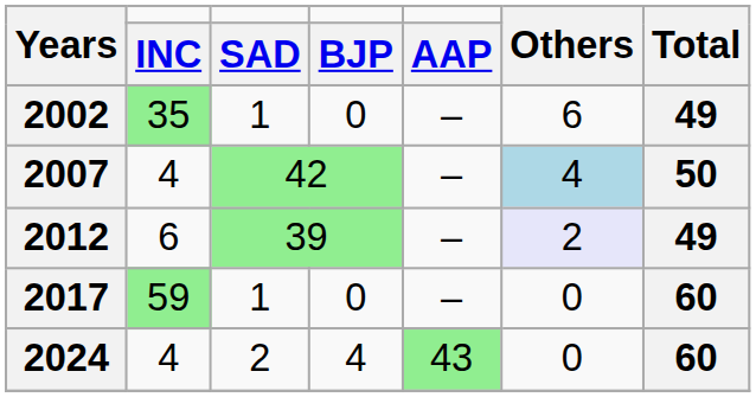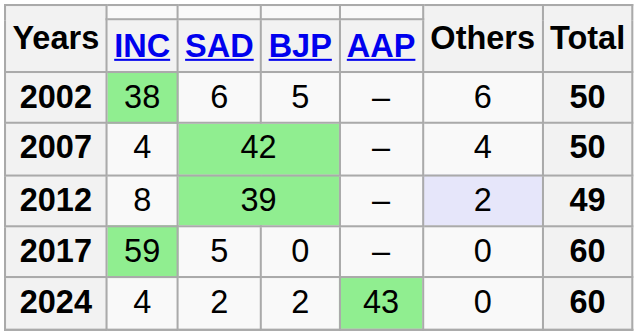 <table class="wikitable" style="text-align:center">
 <tr>
 <th rowspan=2>Years</th>
 <td></td>
 <td></td>
 <td></td>
 <td></td>
 <th rowspan=2>Others</th>
 <th rowspan=2>Total</th>
 </tr>
 <tr>
 <th><a href='#'>INC</a></th>
 <th><a href='#'>SAD</a></th>
 <th><a href='#'>BJP</a></th>
 <th><a href='#'>AAP</a></th>
 </tr>
 <tr>
 <th>2002</th>
-<td bgcolor="lightgreen">35</td>
-<td>1</td>
-<td>0</td>
+<td bgcolor="lightgreen">38</td>
+<td>6</td>
+<td>5</td>
 <td>–</td>
 <td>6</td>
-<th>49</th>
+<th>50</th>
 </tr>
 <tr>
 <th>2007</th>
 <td>4</td>
 <td bgcolor="lightgreen" colspan="2">42</td>
 <td>–</td>
-<td style="background: lightblue;">4</td>
+<td>4</td>
 <th>50</th>
 </tr>
 <tr>
 <th>2012</th>
-<td>6</td>
+<td>8</td>
 <td bgcolor="lightgreen" colspan="2">39</td>
 <td>–</td>
 <td style="background: lavender;">2</td>
 <th>49</th>
 </tr>
 <tr>
 <th>2017</th>
 <td bgcolor="lightgreen">59</td>
-<td>1</td>
+<td>5</td>
 <td>0</td>
 <td>–</td>
 <td>0</td>
 <th>60</th>
 </tr>
 <tr>
 <th>2024</th>
 <td>4</td>
 <td>2</td>
-<td>4</td>
+<td>2</td>
 <td bgcolor="lightgreen">43</td>
 <td>0</td>
 <th>60</th>
 </tr>
 <tr>
 </tr>
 </table>
